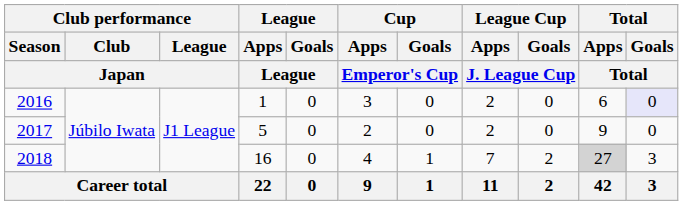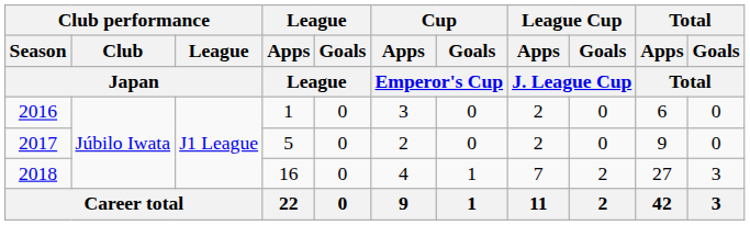 <table class="wikitable" style="text-align:center">
 <tr>
 <th colspan=3>Club performance</th>
 <th colspan=2>League</th>
 <th colspan=2>Cup</th>
 <th colspan=2>League Cup</th>
 <th colspan=2>Total</th>
 </tr>
 <tr>
 <th>Season</th>
 <th>Club</th>
 <th>League</th>
 <th>Apps</th>
 <th>Goals</th>
 <th>Apps</th>
 <th>Goals</th>
 <th>Apps</th>
 <th>Goals</th>
 <th>Apps</th>
 <th>Goals</th>
 </tr>
 <tr>
 <th colspan=3>Japan</th>
 <th colspan=2>League</th>
 <th colspan=2><a href='#'>Emperor's Cup</a></th>
 <th colspan=2><a href='#'>J. League Cup</a></th>
 <th colspan=2>Total</th>
 </tr>
 <tr>
 <td><a href='#'>2016</a></td>
 <td rowspan="3"><a href='#'>Júbilo Iwata</a></td>
 <td rowspan="3"><a href='#'>J1 League</a></td>
 <td>1</td>
 <td>0</td>
 <td>3</td>
 <td>0</td>
 <td>2</td>
 <td>0</td>
 <td>6</td>
-<td style="background: lavender;">0</td>
+<td>0</td>
 </tr>
 <tr>
 <td><a href='#'>2017</a></td>
 <td>5</td>
 <td>0</td>
 <td>2</td>
 <td>0</td>
 <td>2</td>
 <td>0</td>
 <td>9</td>
 <td>0</td>
 </tr>
 <tr>
 <td><a href='#'>2018</a></td>
 <td>16</td>
 <td>0</td>
 <td>4</td>
 <td>1</td>
 <td>7</td>
 <td>2</td>
-<td style="background: lightgrey;">27</td>
+<td>27</td>
 <td>3</td>
 </tr>
 <tr>
 <th colspan=3>Career total</th>
 <th>22</th>
 <th>0</th>
 <th>9</th>
 <th>1</th>
 <th>11</th>
 <th>2</th>
 <th>42</th>
 <th>3</th>
 </tr>
 </table>
